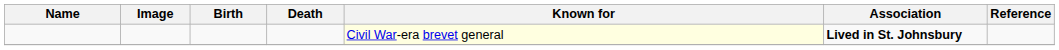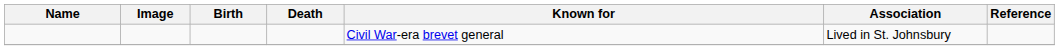 <table class="wikitable sortable">
 <tr>
 <th scope="col" width="140">Name</th>
 <th scope="col" width="80" class="unsortable">Image</th>
 <th scope="col" width="90">Birth</th>
 <th scope="col" width="90">Death</th>
 <th scope="col" width="600" class="unsortable">Known for</th>
 <th scope="col" width="200" class="unsortable">Association</th>
 <th scope="col" width="30" class="unsortable">Reference</th>
 </tr>
 <tr>
 <td></td>
 <td></td>
 <td align=right></td>
 <td align=right></td>
-<td style="background: lightyellow;"><a href='#'>Civil War</a>-era <a href='#'>brevet</a> general</td>
-<td><strong>Lived in St. Johnsbury</strong></td>
+<td><a href='#'>Civil War</a>-era <a href='#'>brevet</a> general</td>
+<td>Lived in St. Johnsbury</td>
 <td align="center"></td>
 </tr>
 <tr>
 </tr>
 </table>
